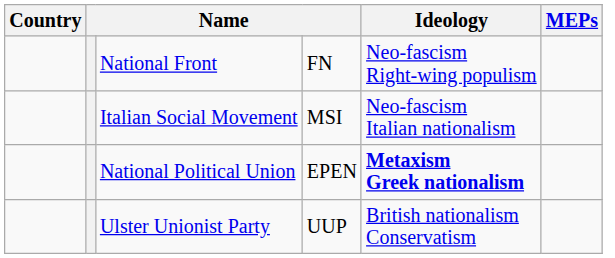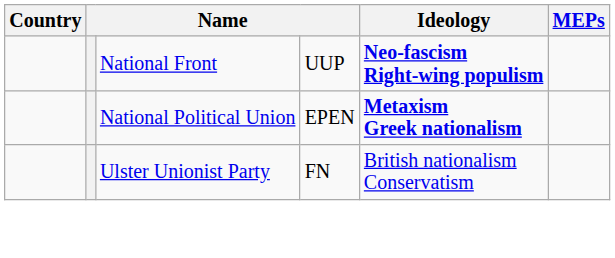 <table class="wikitable">
 <tr>
 <th>Country</th>
 <th colspan="3">Name</th>
 <th>Ideology</th>
 <th><a href='#'>MEPs</a></th>
 </tr>
 <tr>
 <td></td>
 <th style="background:"></th>
 <td><a href='#'>National Front</a></td>
-<td>FN</td>
-<td><a href='#'>Neo-fascism</a><br><a href='#'>Right-wing populism</a></td>
-<td></td>
-</tr>
-<tr>
-<td></td>
-<th style="background:"></th>
-<td><a href='#'>Italian Social Movement</a></td>
-<td>MSI</td>
-<td><a href='#'>Neo-fascism</a><br><a href='#'>Italian nationalism</a></td>
+<td>UUP</td>
+<td><strong><a href='#'>Neo-fascism</a><br><a href='#'>Right-wing populism</a></strong></td>
 <td></td>
 </tr>
 <tr>
 <td></td>
 <th style="background:"></th>
 <td><a href='#'>National Political Union</a></td>
 <td>EPEN</td>
 <td><strong><a href='#'>Metaxism</a><br><a href='#'>Greek nationalism</a></strong></td>
 <td></td>
 </tr>
 <tr>
 <td></td>
 <th style="background:"></th>
 <td><a href='#'>Ulster Unionist Party</a></td>
-<td>UUP</td>
+<td>FN</td>
 <td><a href='#'>British nationalism</a><br><a href='#'>Conservatism</a></td>
 <td></td>
 </tr>
 </table>
